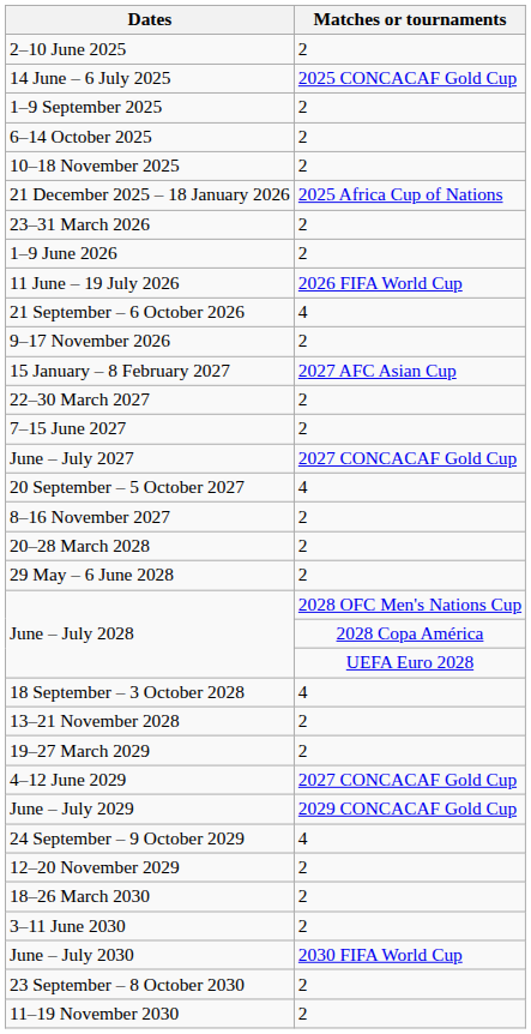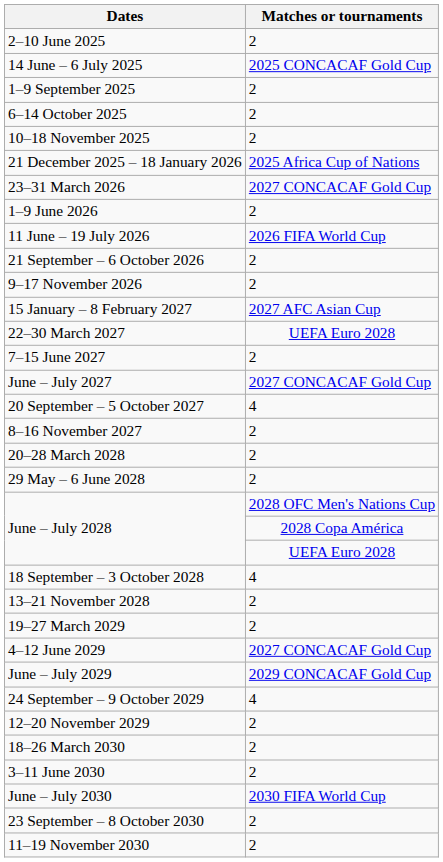 <table class="wikitable col2center">
 <tr>
 <th>Dates</th>
 <th>Matches or tournaments</th>
 </tr>
 <tr>
 <td>2–10 June 2025</td>
 <td>2</td>
 </tr>
 <tr>
 <td>14 June – 6 July 2025</td>
 <td><a href='#'>2025 CONCACAF Gold Cup</a></td>
 </tr>
 <tr>
 <td>1–9 September 2025</td>
 <td>2</td>
 </tr>
 <tr>
 <td>6–14 October 2025</td>
 <td>2</td>
 </tr>
 <tr>
 <td>10–18 November 2025</td>
 <td>2</td>
 </tr>
 <tr>
 <td>21 December 2025 – 18 January 2026</td>
 <td><a href='#'>2025 Africa Cup of Nations</a></td>
 </tr>
 <tr>
 <td>23–31 March 2026</td>
-<td>2</td>
+<td><a href='#'>2027 CONCACAF Gold Cup</a></td>
 </tr>
 <tr>
 <td>1–9 June 2026</td>
 <td>2</td>
 </tr>
 <tr>
 <td>11 June – 19 July 2026</td>
 <td><a href='#'>2026 FIFA World Cup</a></td>
 </tr>
 <tr>
 <td>21 September – 6 October 2026</td>
-<td>4</td>
+<td>2</td>
 </tr>
 <tr>
 <td>9–17 November 2026</td>
 <td>2</td>
 </tr>
 <tr>
 <td>15 January – 8 February 2027</td>
 <td><a href='#'>2027 AFC Asian Cup</a></td>
 </tr>
 <tr>
 <td>22–30 March 2027</td>
-<td>2</td>
+<td align="center"><a href='#'>UEFA Euro 2028</a></td>
 </tr>
 <tr>
 <td>7–15 June 2027</td>
 <td>2</td>
 </tr>
 <tr>
 <td>June – July 2027</td>
 <td><a href='#'>2027 CONCACAF Gold Cup</a></td>
 </tr>
 <tr>
 <td>20 September – 5 October 2027</td>
 <td>4</td>
 </tr>
 <tr>
 <td>8–16 November 2027</td>
 <td>2</td>
 </tr>
 <tr>
 <td>20–28 March 2028</td>
 <td>2</td>
 </tr>
 <tr>
 <td>29 May – 6 June 2028</td>
 <td>2</td>
 </tr>
 <tr>
 <td rowspan="3">June – July 2028</td>
 <td align="center"><a href='#'>2028 OFC Men's Nations Cup</a></td>
 </tr>
 <tr>
 <td align="center"><a href='#'>2028 Copa América</a></td>
 </tr>
 <tr>
 <td align="center"><a href='#'>UEFA Euro 2028</a></td>
 </tr>
 <tr>
 <td>18 September –  3 October 2028</td>
 <td>4</td>
 </tr>
 <tr>
 <td>13–21 November 2028</td>
 <td>2</td>
 </tr>
 <tr>
 <td>19–27 March 2029</td>
 <td>2</td>
 </tr>
 <tr>
 <td>4–12 June 2029</td>
 <td><a href='#'>2027 CONCACAF Gold Cup</a></td>
 </tr>
 <tr>
 <td>June – July 2029</td>
 <td><a href='#'>2029 CONCACAF Gold Cup</a></td>
 </tr>
 <tr>
 <td>24 September – 9 October 2029</td>
 <td>4</td>
 </tr>
 <tr>
 <td>12–20 November 2029</td>
 <td>2</td>
 </tr>
 <tr>
 <td>18–26 March 2030</td>
 <td>2</td>
 </tr>
 <tr>
 <td>3–11 June 2030</td>
 <td>2</td>
 </tr>
 <tr>
 <td>June – July 2030</td>
 <td><a href='#'>2030 FIFA World Cup</a></td>
 </tr>
 <tr>
 <td>23 September – 8 October 2030</td>
 <td>2</td>
 </tr>
 <tr>
 <td>11–19 November 2030</td>
 <td>2</td>
 </tr>
 </table>
